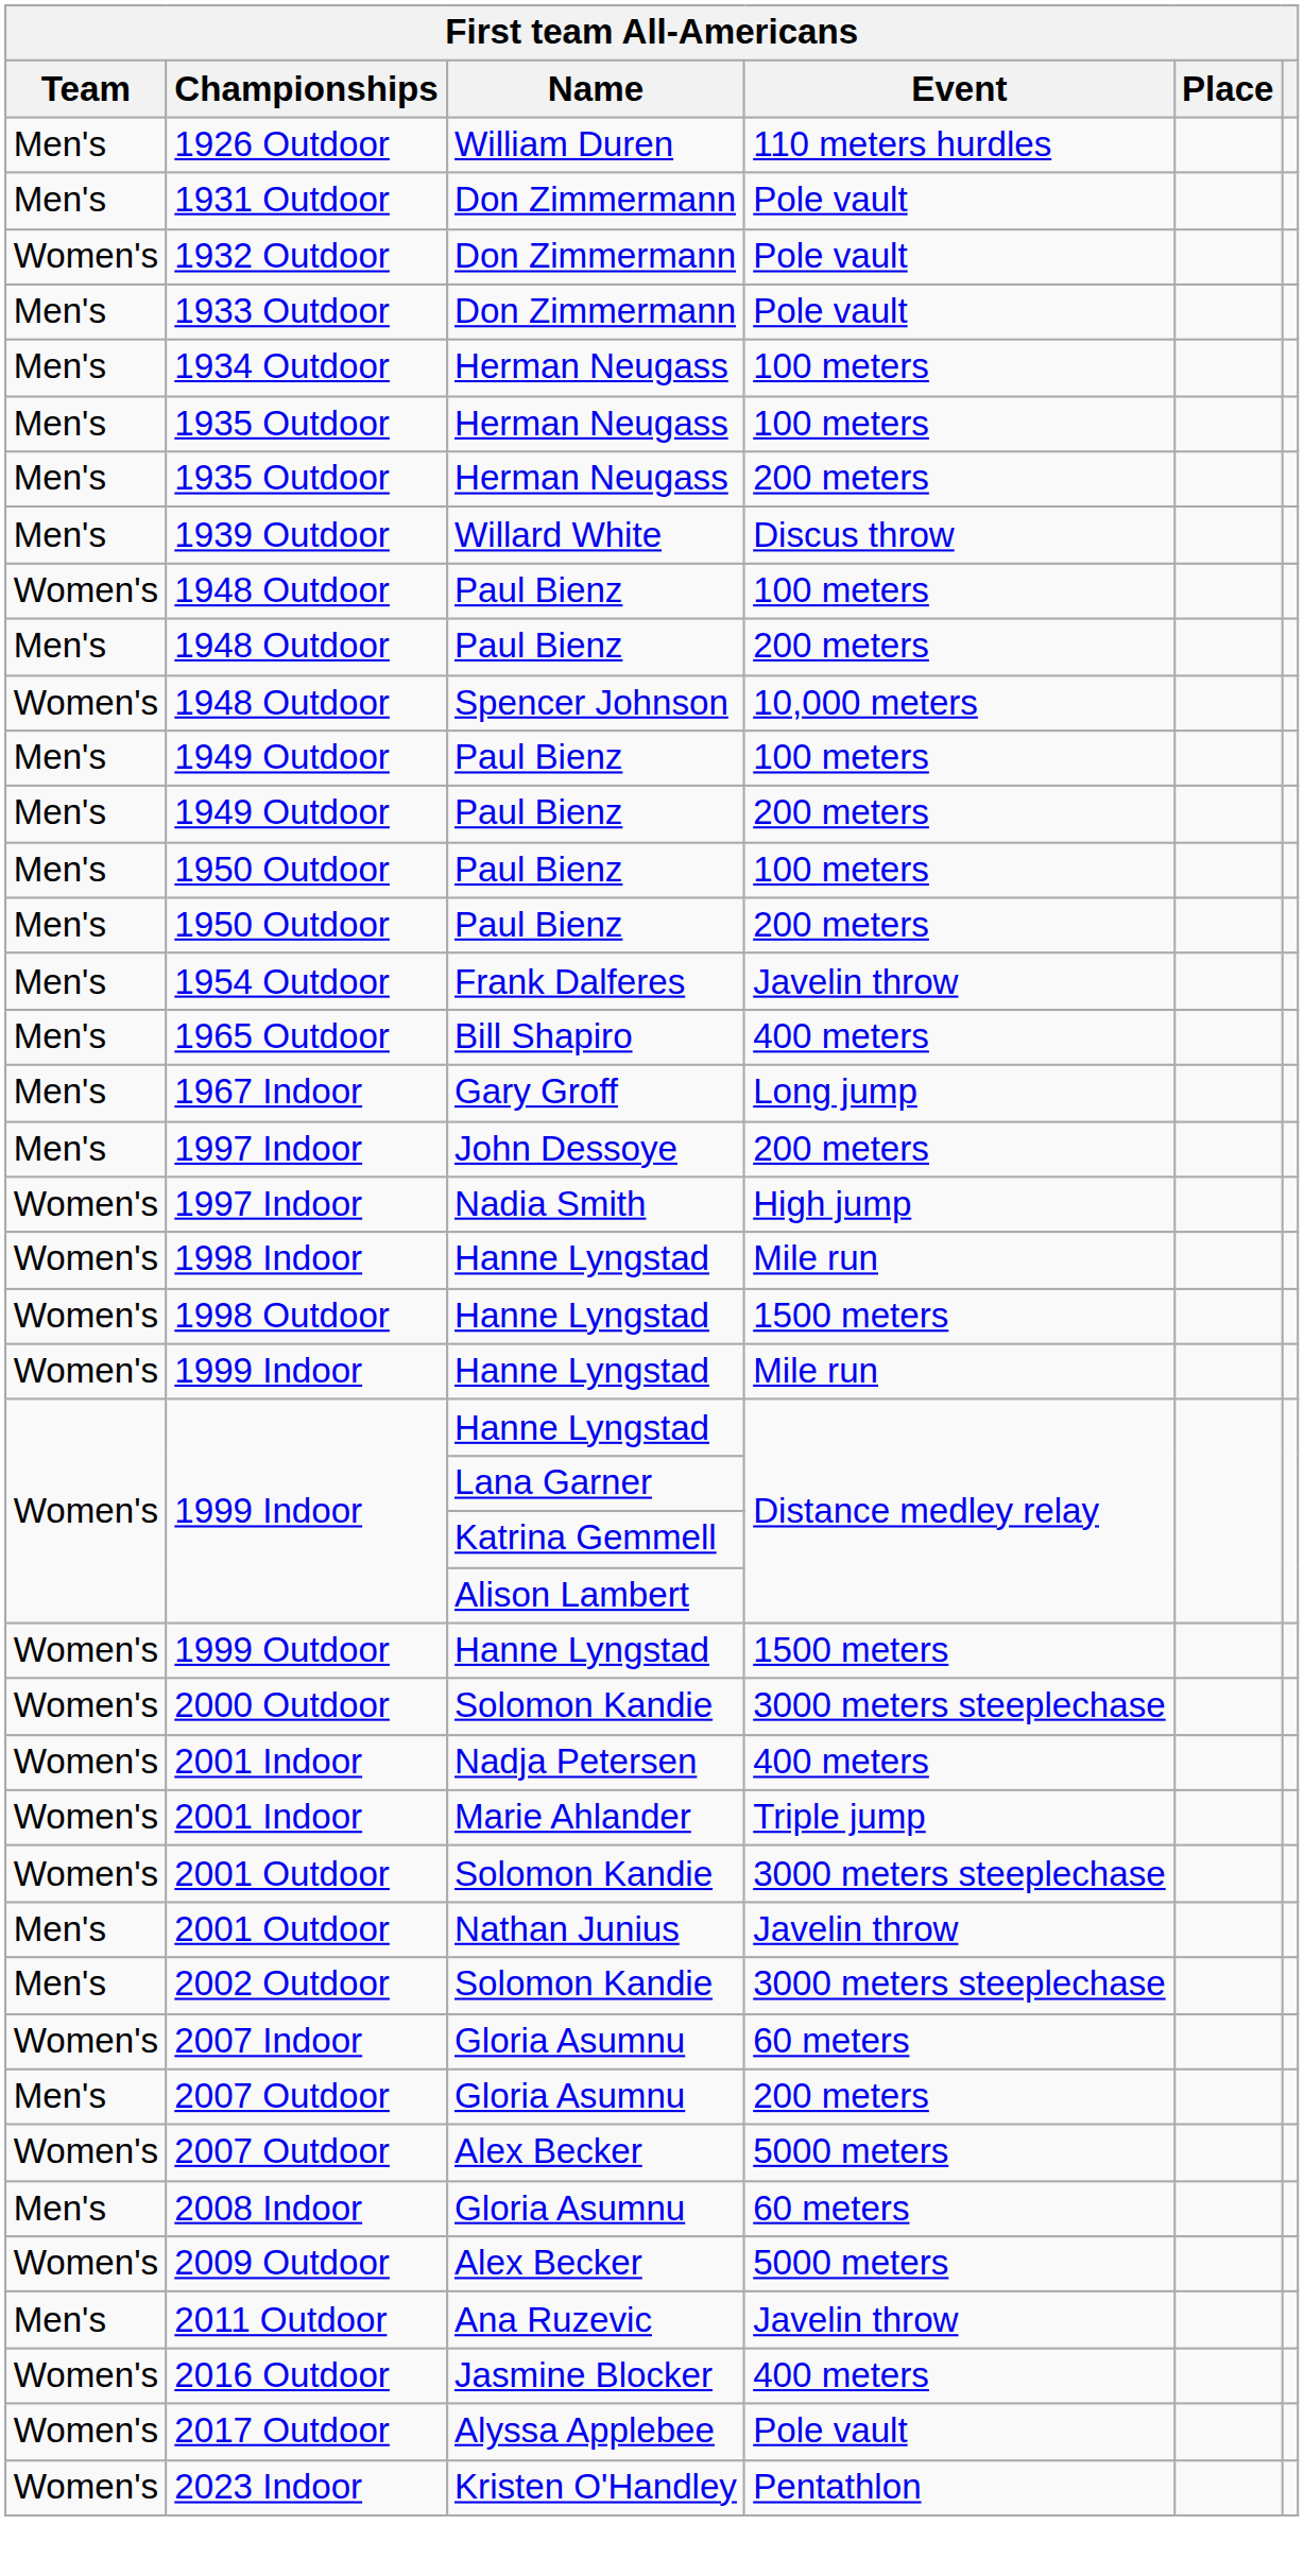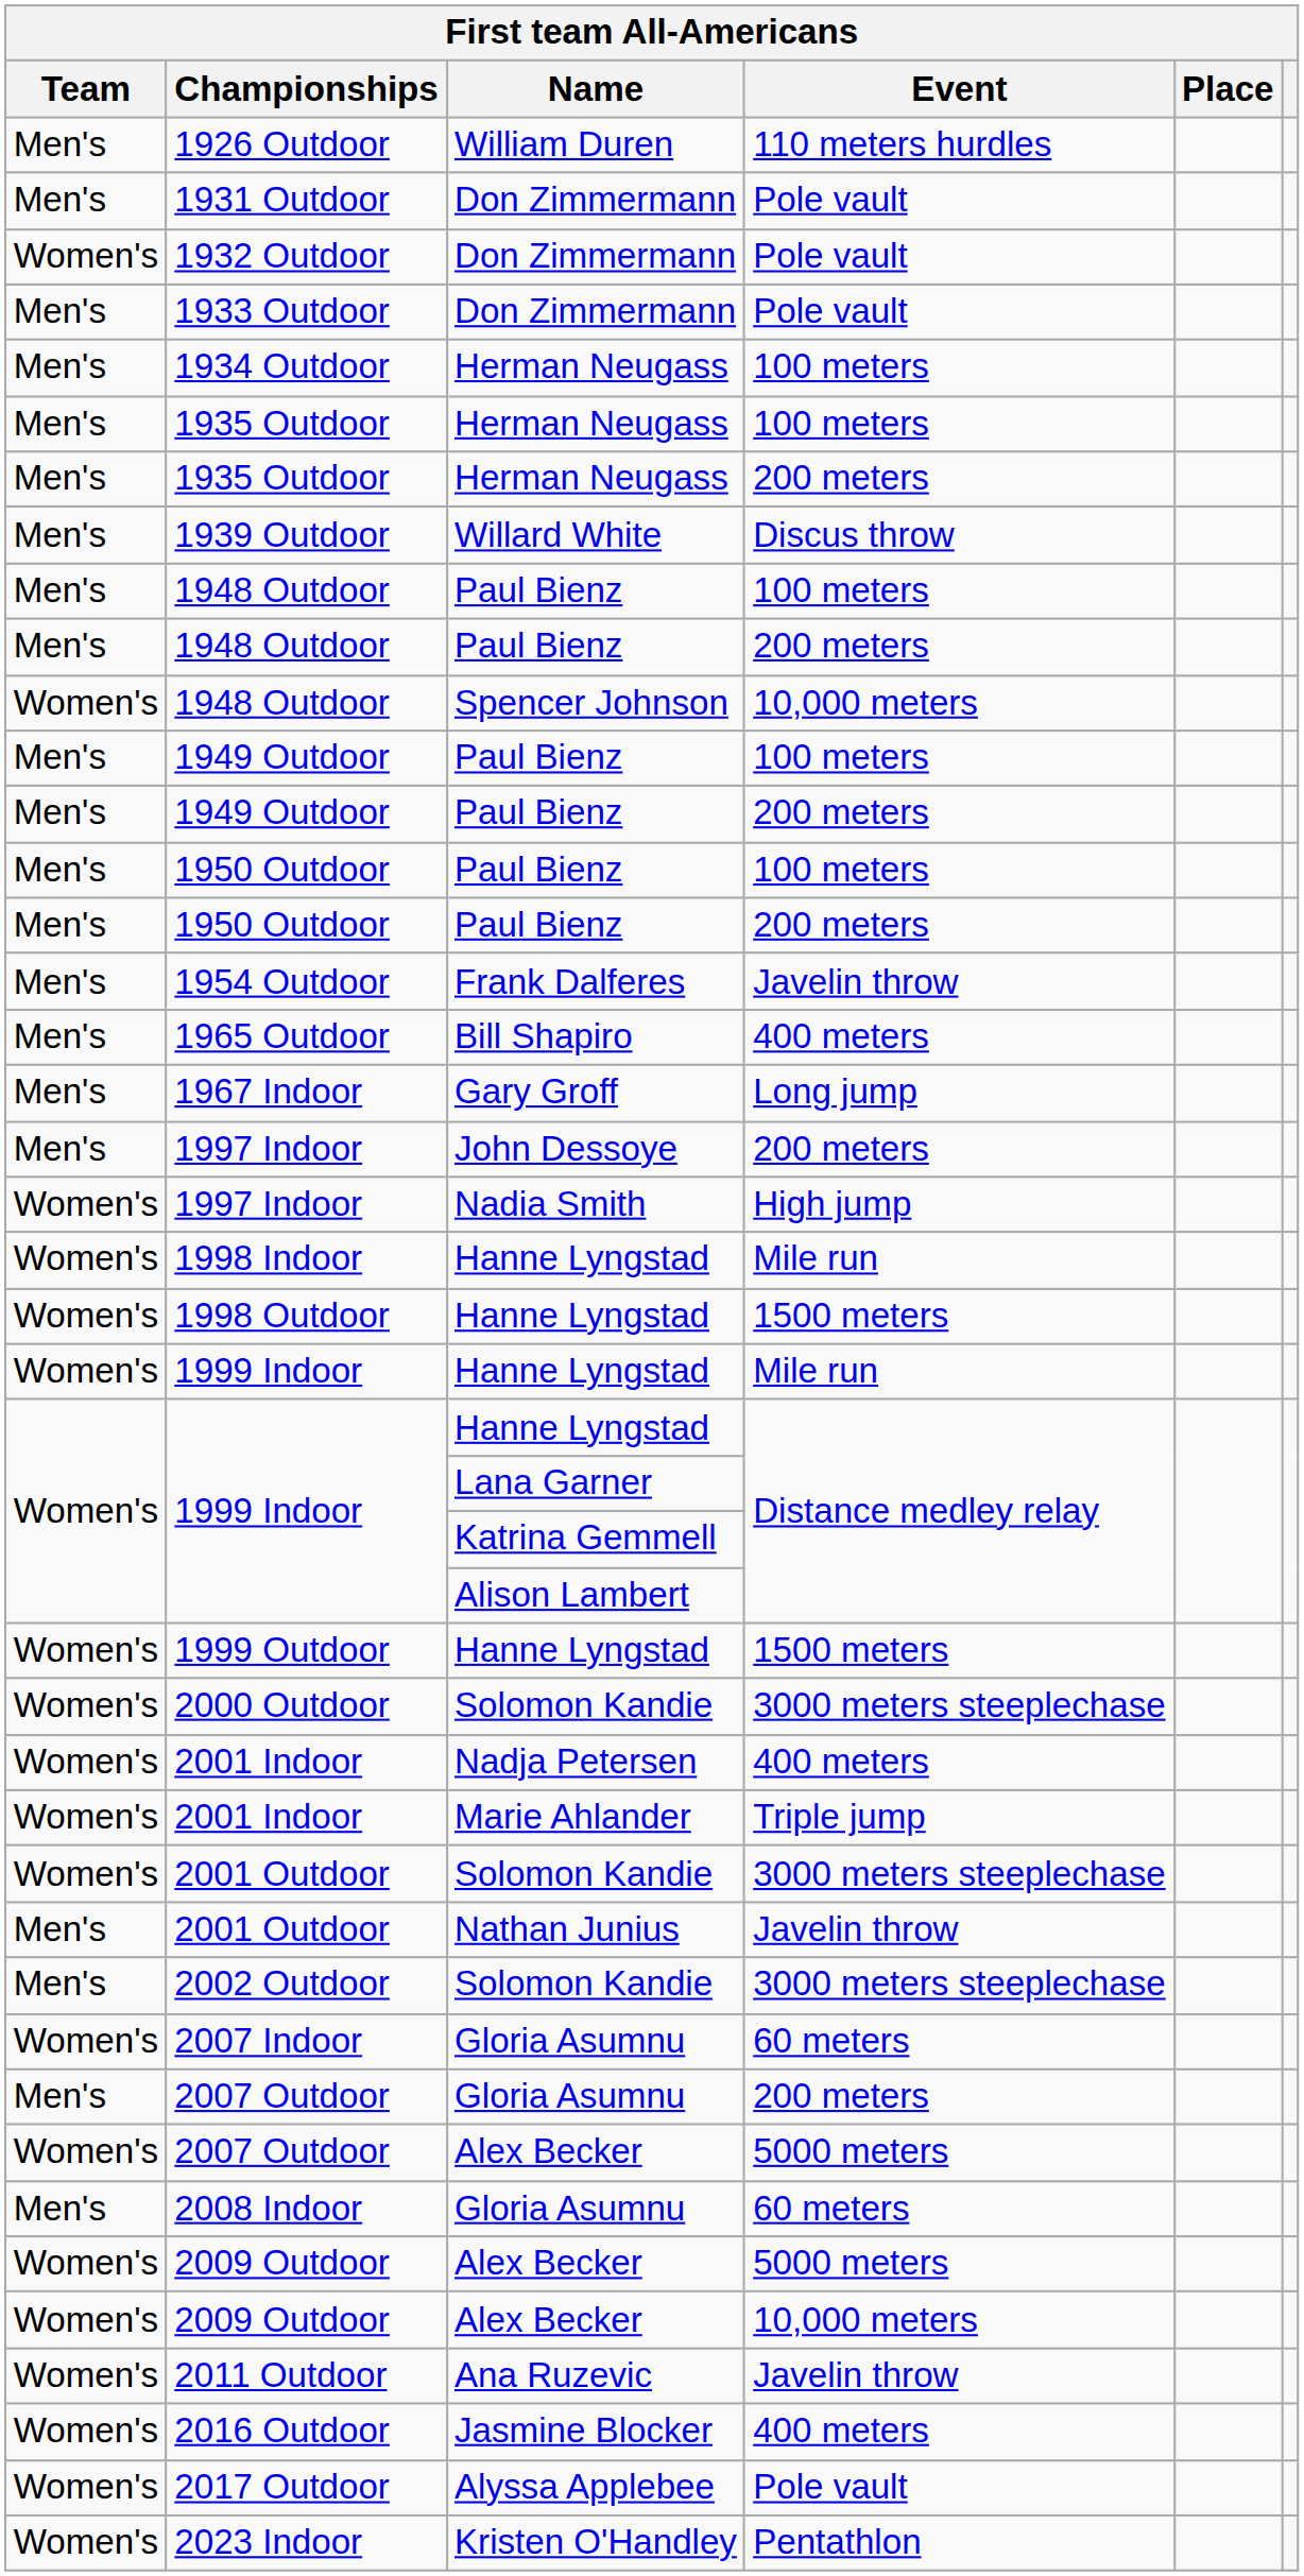 <table class="wikitable sortable">
 <tr>
 <th colspan="6">First team All-Americans</th>
 </tr>
 <tr>
 <th scope="col">Team</th>
 <th scope="col">Championships</th>
 <th scope="col">Name</th>
 <th scope="col">Event</th>
 <th scope="col">Place</th>
 <th scope="col"></th>
 </tr>
 <tr>
 <td>Men's</td>
 <td><a href='#'>1926 Outdoor</a></td>
 <td><a href='#'>William Duren</a></td>
 <td><a href='#'>110 meters hurdles</a></td>
 <td></td>
 <td></td>
 </tr>
 <tr>
 <td>Men's</td>
 <td><a href='#'>1931 Outdoor</a></td>
 <td><a href='#'>Don Zimmermann</a></td>
 <td><a href='#'>Pole vault</a></td>
 <td></td>
 <td></td>
 </tr>
 <tr>
 <td>Women's</td>
 <td><a href='#'>1932 Outdoor</a></td>
 <td><a href='#'>Don Zimmermann</a></td>
 <td><a href='#'>Pole vault</a></td>
 <td></td>
 <td></td>
 </tr>
 <tr>
 <td>Men's</td>
 <td><a href='#'>1933 Outdoor</a></td>
 <td><a href='#'>Don Zimmermann</a></td>
 <td><a href='#'>Pole vault</a></td>
 <td></td>
 <td></td>
 </tr>
 <tr>
 <td>Men's</td>
 <td><a href='#'>1934 Outdoor</a></td>
 <td><a href='#'>Herman Neugass</a></td>
 <td><a href='#'>100 meters</a></td>
 <td></td>
 <td></td>
 </tr>
 <tr>
 <td>Men's</td>
 <td><a href='#'>1935 Outdoor</a></td>
 <td><a href='#'>Herman Neugass</a></td>
 <td><a href='#'>100 meters</a></td>
 <td></td>
 <td></td>
 </tr>
 <tr>
 <td>Men's</td>
 <td><a href='#'>1935 Outdoor</a></td>
 <td><a href='#'>Herman Neugass</a></td>
 <td><a href='#'>200 meters</a></td>
 <td></td>
 <td></td>
 </tr>
 <tr>
 <td>Men's</td>
 <td><a href='#'>1939 Outdoor</a></td>
 <td><a href='#'>Willard White</a></td>
 <td><a href='#'>Discus throw</a></td>
 <td></td>
 <td></td>
 </tr>
 <tr>
-<td>Women's</td>
+<td>Men's</td>
 <td><a href='#'>1948 Outdoor</a></td>
 <td><a href='#'>Paul Bienz</a></td>
 <td><a href='#'>100 meters</a></td>
 <td></td>
 <td></td>
 </tr>
 <tr>
 <td>Men's</td>
 <td><a href='#'>1948 Outdoor</a></td>
 <td><a href='#'>Paul Bienz</a></td>
 <td><a href='#'>200 meters</a></td>
 <td></td>
 <td></td>
 </tr>
 <tr>
 <td>Women's</td>
 <td><a href='#'>1948 Outdoor</a></td>
 <td><a href='#'>Spencer Johnson</a></td>
 <td><a href='#'>10,000 meters</a></td>
 <td></td>
 <td></td>
 </tr>
 <tr>
 <td>Men's</td>
 <td><a href='#'>1949 Outdoor</a></td>
 <td><a href='#'>Paul Bienz</a></td>
 <td><a href='#'>100 meters</a></td>
 <td></td>
 <td></td>
 </tr>
 <tr>
 <td>Men's</td>
 <td><a href='#'>1949 Outdoor</a></td>
 <td><a href='#'>Paul Bienz</a></td>
 <td><a href='#'>200 meters</a></td>
 <td></td>
 <td></td>
 </tr>
 <tr>
 <td>Men's</td>
 <td><a href='#'>1950 Outdoor</a></td>
 <td><a href='#'>Paul Bienz</a></td>
 <td><a href='#'>100 meters</a></td>
 <td></td>
 <td></td>
 </tr>
 <tr>
 <td>Men's</td>
 <td><a href='#'>1950 Outdoor</a></td>
 <td><a href='#'>Paul Bienz</a></td>
 <td><a href='#'>200 meters</a></td>
 <td></td>
 <td></td>
 </tr>
 <tr>
 <td>Men's</td>
 <td><a href='#'>1954 Outdoor</a></td>
 <td><a href='#'>Frank Dalferes</a></td>
 <td><a href='#'>Javelin throw</a></td>
 <td></td>
 <td></td>
 </tr>
 <tr>
 <td>Men's</td>
 <td><a href='#'>1965 Outdoor</a></td>
 <td><a href='#'>Bill Shapiro</a></td>
 <td><a href='#'>400 meters</a></td>
 <td></td>
 <td></td>
 </tr>
 <tr>
 <td>Men's</td>
 <td><a href='#'>1967 Indoor</a></td>
 <td><a href='#'>Gary Groff</a></td>
 <td><a href='#'>Long jump</a></td>
 <td></td>
 <td></td>
 </tr>
 <tr>
 <td>Men's</td>
 <td><a href='#'>1997 Indoor</a></td>
 <td><a href='#'>John Dessoye</a></td>
 <td><a href='#'>200 meters</a></td>
 <td></td>
 <td></td>
 </tr>
 <tr>
 <td>Women's</td>
 <td><a href='#'>1997 Indoor</a></td>
 <td><a href='#'>Nadia Smith</a></td>
 <td><a href='#'>High jump</a></td>
 <td></td>
 <td></td>
 </tr>
 <tr>
 <td>Women's</td>
 <td><a href='#'>1998 Indoor</a></td>
 <td><a href='#'>Hanne Lyngstad</a></td>
 <td><a href='#'>Mile run</a></td>
 <td></td>
 <td></td>
 </tr>
 <tr>
 <td>Women's</td>
 <td><a href='#'>1998 Outdoor</a></td>
 <td><a href='#'>Hanne Lyngstad</a></td>
 <td><a href='#'>1500 meters</a></td>
 <td></td>
 <td></td>
 </tr>
 <tr>
 <td>Women's</td>
 <td><a href='#'>1999 Indoor</a></td>
 <td><a href='#'>Hanne Lyngstad</a></td>
 <td><a href='#'>Mile run</a></td>
 <td></td>
 <td></td>
 </tr>
 <tr>
 <td rowspan=4>Women's</td>
 <td rowspan=4><a href='#'>1999 Indoor</a></td>
 <td><a href='#'>Hanne Lyngstad</a></td>
 <td rowspan=4><a href='#'>Distance medley relay</a></td>
 <td rowspan=4></td>
 <td rowspan=4></td>
 </tr>
 <tr>
 <td><a href='#'>Lana Garner</a></td>
 </tr>
 <tr>
 <td><a href='#'>Katrina Gemmell</a></td>
 </tr>
 <tr>
 <td><a href='#'>Alison Lambert</a></td>
 </tr>
 <tr>
 <td>Women's</td>
 <td><a href='#'>1999 Outdoor</a></td>
 <td><a href='#'>Hanne Lyngstad</a></td>
 <td><a href='#'>1500 meters</a></td>
 <td></td>
 <td></td>
 </tr>
 <tr>
 <td>Women's</td>
 <td><a href='#'>2000 Outdoor</a></td>
 <td><a href='#'>Solomon Kandie</a></td>
 <td><a href='#'>3000 meters steeplechase</a></td>
 <td></td>
 <td></td>
 </tr>
 <tr>
 <td>Women's</td>
 <td><a href='#'>2001 Indoor</a></td>
 <td><a href='#'>Nadja Petersen</a></td>
 <td><a href='#'>400 meters</a></td>
 <td></td>
 <td></td>
 </tr>
 <tr>
 <td>Women's</td>
 <td><a href='#'>2001 Indoor</a></td>
 <td><a href='#'>Marie Ahlander</a></td>
 <td><a href='#'>Triple jump</a></td>
 <td></td>
 <td></td>
 </tr>
 <tr>
 <td>Women's</td>
 <td><a href='#'>2001 Outdoor</a></td>
 <td><a href='#'>Solomon Kandie</a></td>
 <td><a href='#'>3000 meters steeplechase</a></td>
 <td></td>
 <td></td>
 </tr>
 <tr>
 <td>Men's</td>
 <td><a href='#'>2001 Outdoor</a></td>
 <td><a href='#'>Nathan Junius</a></td>
 <td><a href='#'>Javelin throw</a></td>
 <td></td>
 <td></td>
 </tr>
 <tr>
 <td>Men's</td>
 <td><a href='#'>2002 Outdoor</a></td>
 <td><a href='#'>Solomon Kandie</a></td>
 <td><a href='#'>3000 meters steeplechase</a></td>
 <td></td>
 <td></td>
 </tr>
 <tr>
 <td>Women's</td>
 <td><a href='#'>2007 Indoor</a></td>
 <td><a href='#'>Gloria Asumnu</a></td>
 <td><a href='#'>60 meters</a></td>
 <td></td>
 <td></td>
 </tr>
 <tr>
 <td>Men's</td>
 <td><a href='#'>2007 Outdoor</a></td>
 <td><a href='#'>Gloria Asumnu</a></td>
 <td><a href='#'>200 meters</a></td>
 <td></td>
 <td></td>
 </tr>
 <tr>
 <td>Women's</td>
 <td><a href='#'>2007 Outdoor</a></td>
 <td><a href='#'>Alex Becker</a></td>
 <td><a href='#'>5000 meters</a></td>
 <td></td>
 <td></td>
 </tr>
 <tr>
 <td>Men's</td>
 <td><a href='#'>2008 Indoor</a></td>
 <td><a href='#'>Gloria Asumnu</a></td>
 <td><a href='#'>60 meters</a></td>
 <td></td>
 <td></td>
 </tr>
 <tr>
 <td>Women's</td>
 <td><a href='#'>2009 Outdoor</a></td>
 <td><a href='#'>Alex Becker</a></td>
 <td><a href='#'>5000 meters</a></td>
 <td></td>
 <td></td>
 </tr>
 <tr>
-<td>Men's</td>
+<td>Women's</td>
+<td><a href='#'>2009 Outdoor</a></td>
+<td><a href='#'>Alex Becker</a></td>
+<td><a href='#'>10,000 meters</a></td>
+<td></td>
+<td></td>
+</tr>
+<tr>
+<td>Women's</td>
 <td><a href='#'>2011 Outdoor</a></td>
 <td><a href='#'>Ana Ruzevic</a></td>
 <td><a href='#'>Javelin throw</a></td>
 <td></td>
 <td></td>
 </tr>
 <tr>
 <td>Women's</td>
 <td><a href='#'>2016 Outdoor</a></td>
 <td><a href='#'>Jasmine Blocker</a></td>
 <td><a href='#'>400 meters</a></td>
 <td></td>
 <td></td>
 </tr>
 <tr>
 <td>Women's</td>
 <td><a href='#'>2017 Outdoor</a></td>
 <td><a href='#'>Alyssa Applebee</a></td>
 <td><a href='#'>Pole vault</a></td>
 <td></td>
 <td></td>
 </tr>
 <tr>
 <td>Women's</td>
 <td><a href='#'>2023 Indoor</a></td>
 <td><a href='#'>Kristen O'Handley</a></td>
 <td><a href='#'>Pentathlon</a></td>
 <td></td>
 <td></td>
 </tr>
 </table>
